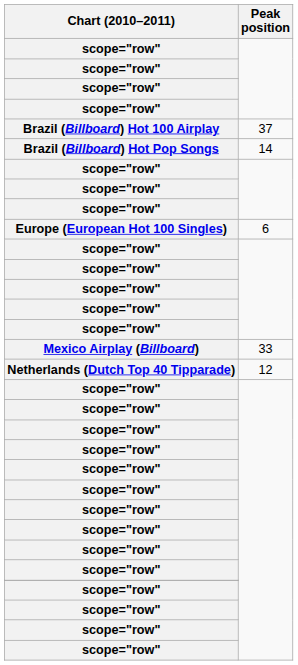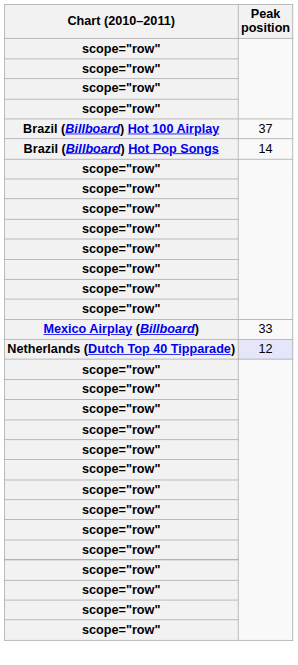 <table class="wikitable sortable plainrowheaders" style="text-align:center">
 <tr>
 <th scope="col">Chart (2010–2011)</th>
 <th scope="col">Peak<br>position</th>
 </tr>
 <tr>
 <th>scope="row"</th>
 </tr>
 <tr>
 <th>scope="row"</th>
 </tr>
 <tr>
 <th>scope="row"</th>
 </tr>
 <tr>
 <th>scope="row"</th>
 </tr>
 <tr>
 <th scope="row">Brazil (<a href='#'><em>Billboard</em></a>) <a href='#'>Hot 100 Airplay</a></th>
 <td>37</td>
 </tr>
 <tr>
 <th scope="row">Brazil (<a href='#'><em>Billboard</em></a>) <a href='#'>Hot Pop Songs</a></th>
 <td>14</td>
 </tr>
 <tr>
 <th>scope="row"</th>
 </tr>
 <tr>
 <th>scope="row"</th>
 </tr>
 <tr>
 <th>scope="row"</th>
 </tr>
 <tr>
-<th scope="row">Europe (<a href='#'>European Hot 100 Singles</a>)</th>
-<td>6</td>
-</tr>
-<tr>
 <th>scope="row"</th>
 </tr>
 <tr>
 <th>scope="row"</th>
 </tr>
 <tr>
 <th>scope="row"</th>
 </tr>
 <tr>
 <th>scope="row"</th>
 </tr>
 <tr>
 <th>scope="row"</th>
 </tr>
 <tr>
 <th scope="row"><a href='#'>Mexico Airplay</a> (<em><a href='#'>Billboard</a></em>)</th>
 <td>33</td>
 </tr>
 <tr>
 <th scope="row">Netherlands (<a href='#'>Dutch Top 40 Tipparade</a>)</th>
-<td>12</td>
+<td style="background: lavender;">12</td>
 </tr>
 <tr>
 <th>scope="row"</th>
 </tr>
 <tr>
 <th>scope="row"</th>
 </tr>
 <tr>
 <th>scope="row"</th>
 </tr>
 <tr>
 <th>scope="row"</th>
 </tr>
 <tr>
 <th>scope="row"</th>
 </tr>
 <tr>
 <th>scope="row"</th>
 </tr>
 <tr>
 <th>scope="row"</th>
 </tr>
 <tr>
 <th>scope="row"</th>
 </tr>
 <tr>
 <th>scope="row"</th>
 </tr>
 <tr>
 <th>scope="row"</th>
 </tr>
 <tr>
 </tr>
 <tr>
 <th>scope="row"</th>
 </tr>
 <tr>
 <th>scope="row"</th>
 </tr>
 <tr>
 <th>scope="row"</th>
 </tr>
 <tr>
 <th>scope="row"</th>
 </tr>
 </table>
